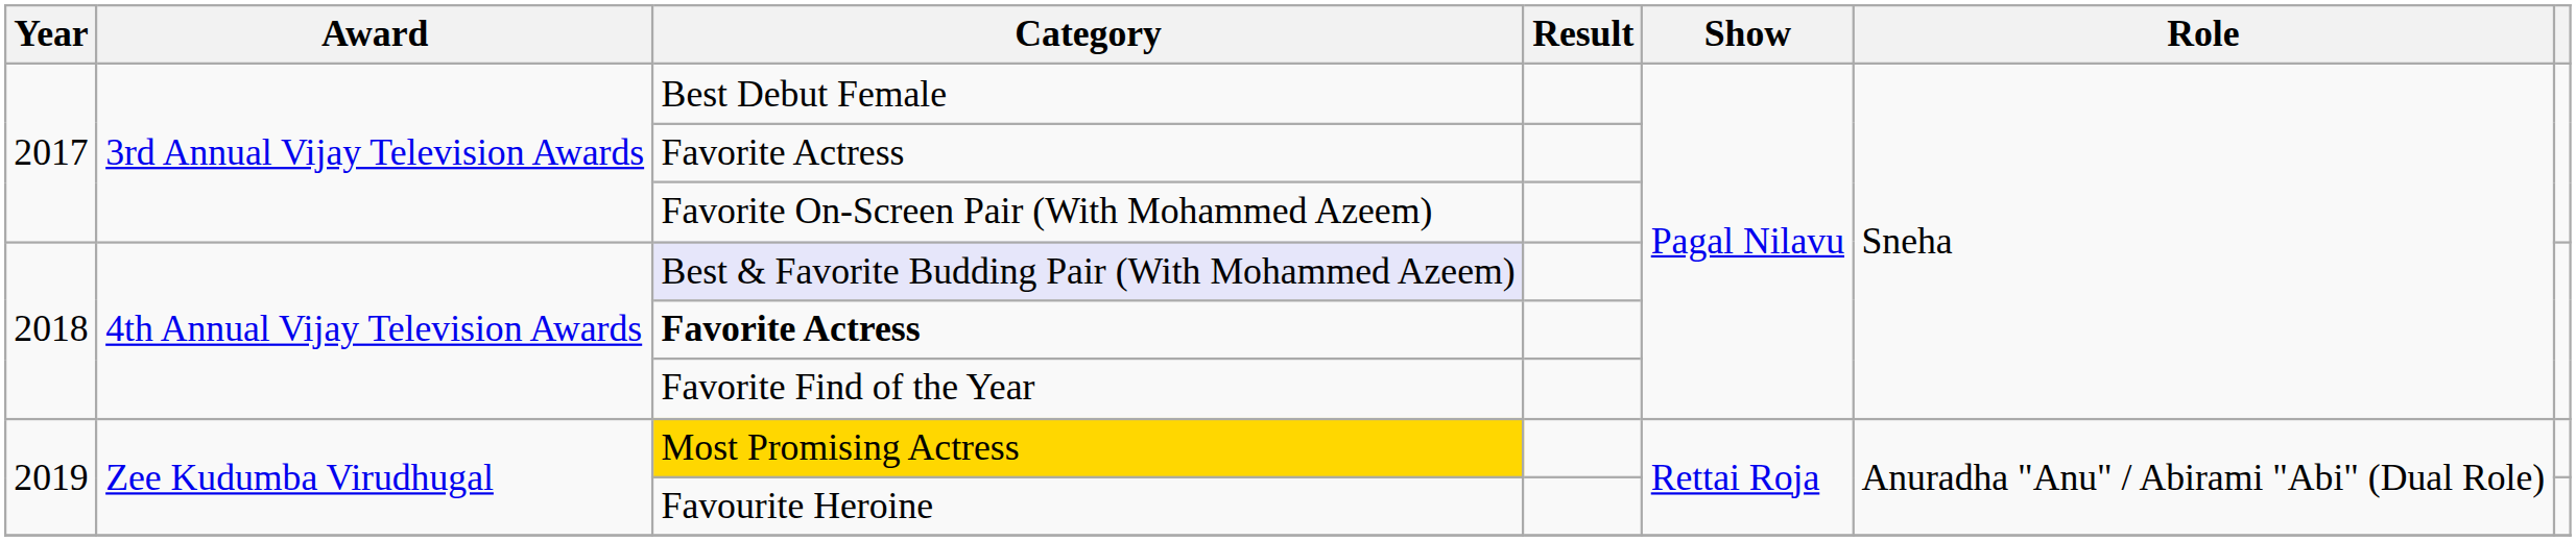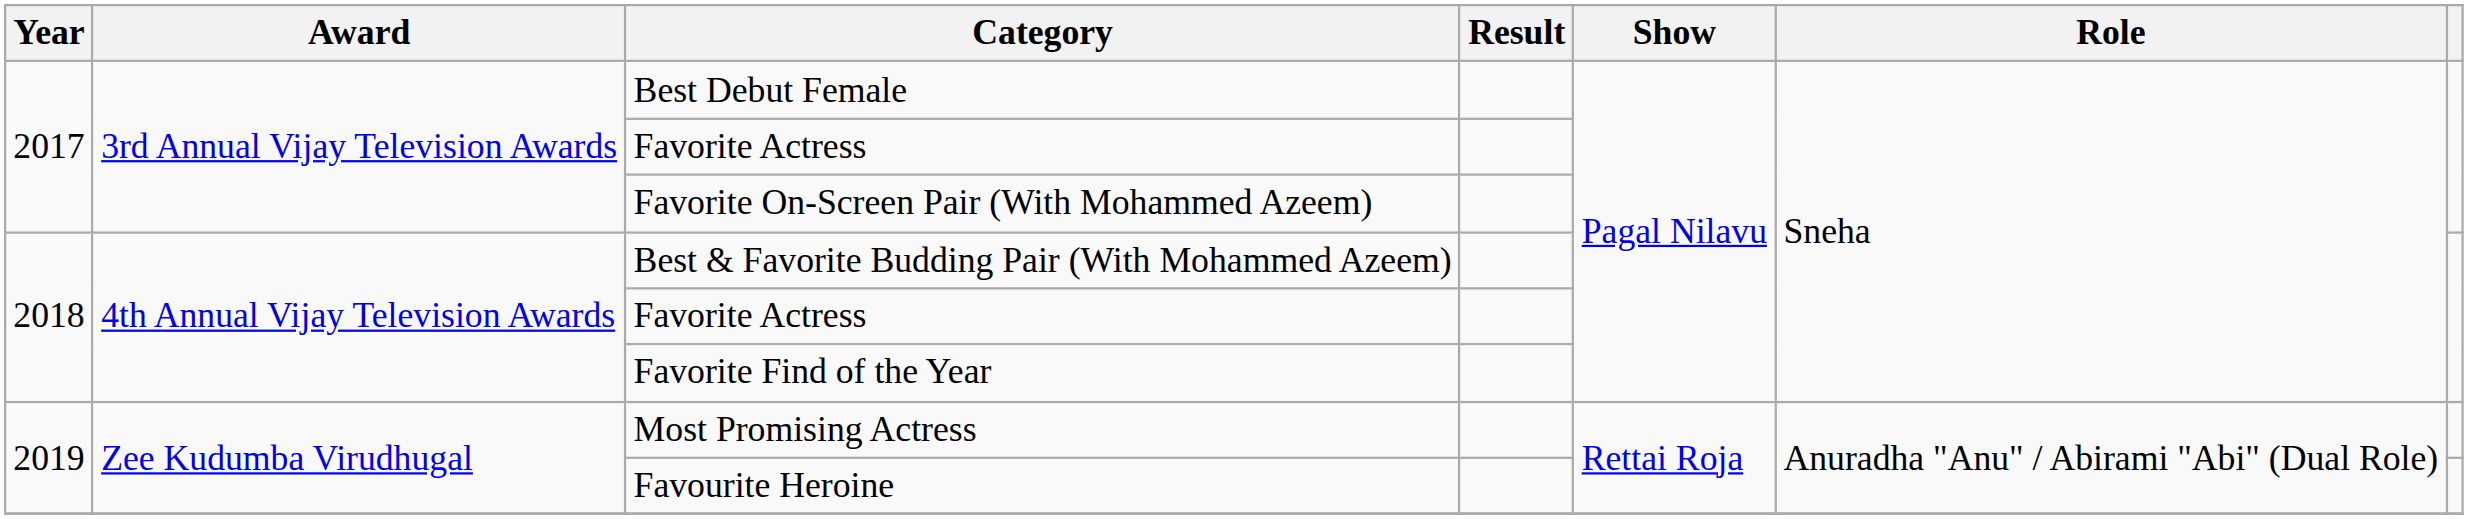 <table class="wikitable sortable">
 <tr>
 <th>Year</th>
 <th>Award</th>
 <th>Category</th>
 <th>Result</th>
 <th>Show</th>
 <th>Role</th>
 <th class="unsortable"></th>
 </tr>
 <tr>
 <td rowspan="3">2017</td>
 <td rowspan="3"><a href='#'>3rd Annual Vijay Television Awards</a></td>
 <td>Best Debut Female</td>
 <td></td>
 <td rowspan="6"><a href='#'>Pagal Nilavu</a></td>
 <td rowspan="6">Sneha</td>
 <td rowspan="3"></td>
 </tr>
 <tr>
 <td>Favorite Actress</td>
 <td></td>
 </tr>
 <tr>
 <td>Favorite On-Screen Pair (With Mohammed Azeem)</td>
 <td></td>
 </tr>
 <tr>
 <td rowspan="3">2018</td>
 <td rowspan="3"><a href='#'>4th Annual Vijay Television Awards</a></td>
-<td style="background: lavender;">Best & Favorite Budding Pair (With Mohammed Azeem)</td>
+<td>Best & Favorite Budding Pair (With Mohammed Azeem)</td>
 <td></td>
 <td rowspan="3"></td>
 </tr>
 <tr>
-<td><strong>Favorite Actress</strong></td>
+<td>Favorite Actress</td>
 <td></td>
 </tr>
 <tr>
 <td>Favorite Find of the Year</td>
 <td></td>
 </tr>
 <tr>
 <td rowspan="2">2019</td>
 <td rowspan="2"><a href='#'>Zee Kudumba Virudhugal</a></td>
-<td style="background: gold;">Most Promising Actress</td>
+<td>Most Promising Actress</td>
 <td></td>
 <td rowspan="2"><a href='#'>Rettai Roja</a></td>
 <td rowspan="2">Anuradha "Anu" / Abirami "Abi" (Dual Role)</td>
 <td></td>
 </tr>
 <tr>
 <td>Favourite Heroine</td>
 <td></td>
 <td></td>
 </tr>
 <tr>
 </tr>
 </table>
